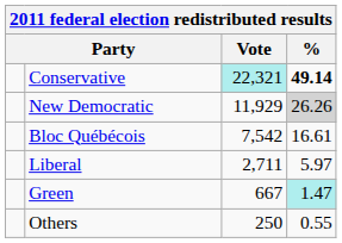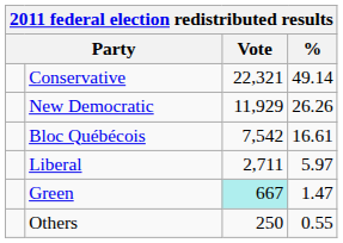 <table class="wikitable">
 <tr>
 <th colspan="4"><a href='#'>2011 federal election</a> redistributed results</th>
 </tr>
 <tr>
 <th bgcolor="#DDDDFF" width="130px" colspan="2">Party</th>
 <th bgcolor="#DDDDFF" width="50px">Vote</th>
 <th bgcolor="#DDDDFF" width="30px">%</th>
 </tr>
 <tr>
 <td> </td>
 <td><a href='#'>Conservative</a></td>
-<td align=right style="background: paleturquoise;">22,321</td>
-<td align=right><strong>49.14</strong></td>
+<td align=right>22,321</td>
+<td align=right>49.14</td>
 </tr>
 <tr>
 <td> </td>
 <td><a href='#'>New Democratic</a></td>
 <td align=right>11,929</td>
-<td align=right style="background: lightgrey;">26.26</td>
+<td align=right>26.26</td>
 </tr>
 <tr>
 <td> </td>
 <td><a href='#'>Bloc Québécois</a></td>
 <td align=right>7,542</td>
 <td align=right>16.61</td>
 </tr>
 <tr>
 <td> </td>
 <td><a href='#'>Liberal</a></td>
 <td align=right>2,711</td>
 <td align=right>5.97</td>
 </tr>
 <tr>
 <td> </td>
 <td><a href='#'>Green</a></td>
-<td align=right>667</td>
-<td align=right style="background: paleturquoise;">1.47</td>
+<td align=right style="background: paleturquoise;">667</td>
+<td align=right>1.47</td>
 </tr>
 <tr>
 <td> </td>
 <td>Others</td>
 <td align=right>250</td>
 <td align=right>0.55</td>
 </tr>
 </table>
